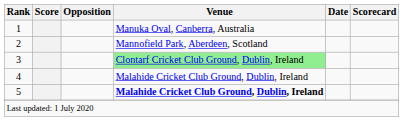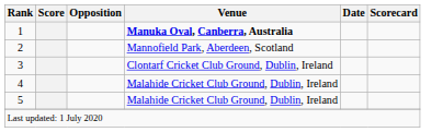 <table class="wikitable plainrowheaders sortable">
 <tr>
 <th scope=col>Rank</th>
 <th scope=col>Score</th>
 <th scope=col>Opposition</th>
 <th scope=col>Venue</th>
 <th scope=col>Date</th>
 <th scope=col>Scorecard</th>
 </tr>
 <tr>
 <td align=center>1</td>
 <th scope=row style=text-align:center;></th>
 <td></td>
-<td><a href='#'>Manuka Oval</a>, <a href='#'>Canberra</a>, Australia</td>
+<td><strong><a href='#'>Manuka Oval</a>, <a href='#'>Canberra</a>, Australia</strong></td>
 <td> </td>
 <td></td>
 </tr>
 <tr>
 <td align=center>2</td>
 <th scope=row style=text-align:center;></th>
 <td></td>
 <td><a href='#'>Mannofield Park</a>, <a href='#'>Aberdeen</a>, Scotland</td>
 <td></td>
 <td></td>
 </tr>
 <tr>
 <td align=center>3</td>
 <th scope=row style=text-align:center;></th>
 <td></td>
-<td style="background: lightgreen;"><a href='#'>Clontarf Cricket Club Ground</a>, <a href='#'>Dublin</a>, Ireland</td>
+<td><a href='#'>Clontarf Cricket Club Ground</a>, <a href='#'>Dublin</a>, Ireland</td>
 <td></td>
 <td></td>
 </tr>
 <tr>
 <td align=center>4</td>
 <th scope=row style=text-align:center;></th>
 <td></td>
 <td><a href='#'>Malahide Cricket Club Ground</a>, <a href='#'>Dublin</a>, Ireland</td>
 <td></td>
 <td></td>
 </tr>
 <tr>
 <td align=center>5</td>
 <th scope=row style=text-align:center;></th>
 <td></td>
-<td><strong><a href='#'>Malahide Cricket Club Ground</a>, <a href='#'>Dublin</a>, Ireland</strong></td>
+<td><a href='#'>Malahide Cricket Club Ground</a>, <a href='#'>Dublin</a>, Ireland</td>
 <td></td>
 <td></td>
 </tr>
 <tr>
 </tr>
 <tr class=sortbottom>
 <td colspan=6><small>Last updated: 1 July 2020</small></td>
 </tr>
 </table>
